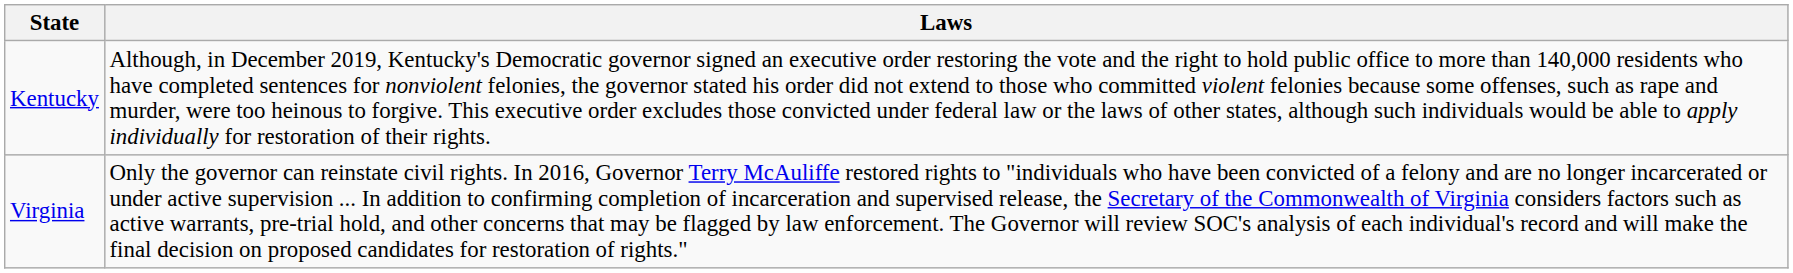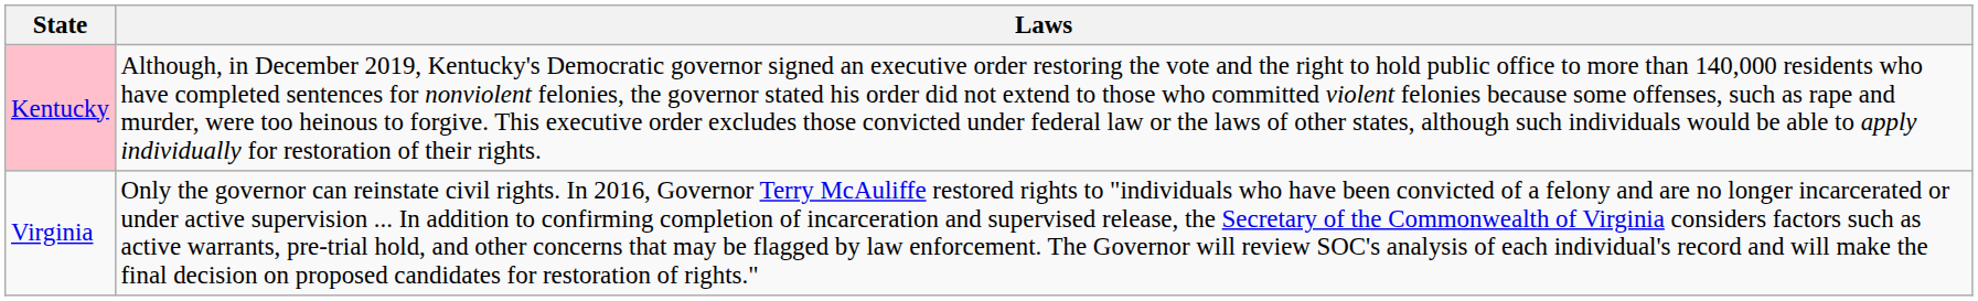 <table class="wikitable">
 <tr>
 <th>State</th>
 <th>Laws</th>
 </tr>
 <tr>
-<td><a href='#'>Kentucky</a></td>
+<td style="background: pink;"><a href='#'>Kentucky</a></td>
 <td>Although, in December 2019, Kentucky's Democratic governor signed an executive order restoring the vote and the right to hold public office to more than 140,000 residents who have completed sentences for <em>nonviolent</em> felonies, the governor stated his order did not extend to those who committed <em>violent</em> felonies because some offenses, such as rape and murder, were too heinous to forgive. This executive order excludes those convicted under federal law or the laws of other states, although such individuals would be able to <em>apply individually</em> for restoration of their rights.</td>
 </tr>
 <tr>
 <td><a href='#'>Virginia</a></td>
 <td>Only the governor can reinstate civil rights. In 2016, Governor <a href='#'>Terry McAuliffe</a> restored rights to "individuals who have been convicted of a felony and are no longer incarcerated or under active supervision ... In addition to confirming completion of incarceration and supervised release, the <a href='#'>Secretary of the Commonwealth of Virginia</a> considers factors such as active warrants, pre-trial hold, and other concerns that may be flagged by law enforcement. The Governor will review SOC's analysis of each individual's record and will make the final decision on proposed candidates for restoration of rights."</td>
 </tr>
 </table>
